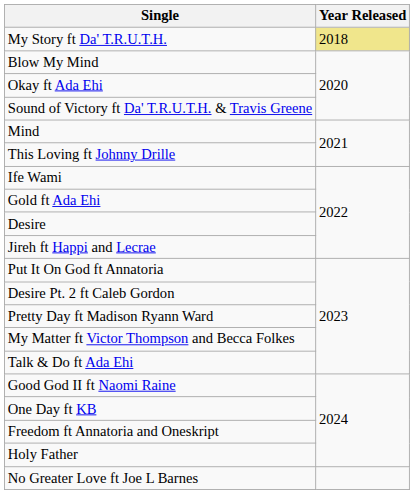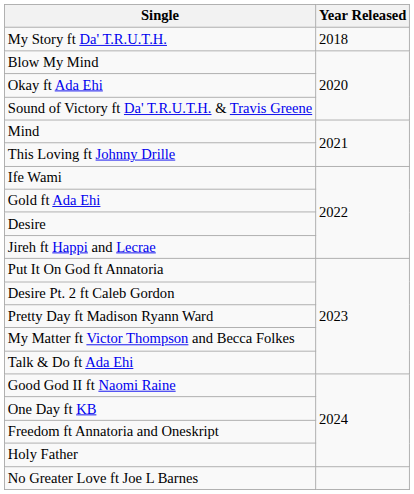 <table class="wikitable sortable">
 <tr>
 <th>Single</th>
 <th>Year Released</th>
 </tr>
 <tr>
 <td>My Story ft <a href='#'>Da' T.R.U.T.H.</a></td>
-<td style="background: khaki;">2018</td>
+<td>2018</td>
 </tr>
 <tr>
 <td>Blow My Mind</td>
 <td rowspan="3">2020</td>
 </tr>
 <tr>
 <td>Okay ft <a href='#'>Ada Ehi</a></td>
 </tr>
 <tr>
 <td>Sound of Victory ft <a href='#'>Da' T.R.U.T.H.</a> & <a href='#'>Travis Greene</a></td>
 </tr>
 <tr>
 <td>Mind</td>
 <td rowspan="2">2021</td>
 </tr>
 <tr>
 <td>This Loving ft <a href='#'>Johnny Drille</a></td>
 </tr>
 <tr>
 <td>Ife Wami</td>
 <td rowspan="4">2022</td>
 </tr>
 <tr>
 <td>Gold ft <a href='#'>Ada Ehi</a></td>
 </tr>
 <tr>
 <td>Desire</td>
 </tr>
 <tr>
 <td>Jireh ft <a href='#'>Happi</a> and <a href='#'>Lecrae</a></td>
 </tr>
 <tr>
 <td>Put It On God ft Annatoria</td>
 <td rowspan="5">2023</td>
 </tr>
 <tr>
 <td>Desire Pt. 2 ft Caleb Gordon</td>
 </tr>
 <tr>
 <td>Pretty Day ft Madison Ryann Ward</td>
 </tr>
 <tr>
 <td>My Matter ft <a href='#'>Victor Thompson</a> and Becca Folkes</td>
 </tr>
 <tr>
 <td>Talk & Do ft <a href='#'>Ada Ehi</a></td>
 </tr>
 <tr>
 <td>Good God II ft <a href='#'>Naomi Raine</a></td>
 <td rowspan="4">2024</td>
 </tr>
 <tr>
 <td>One Day ft <a href='#'>KB</a></td>
 </tr>
 <tr>
 <td>Freedom ft Annatoria and Oneskript</td>
 </tr>
 <tr>
 <td>Holy Father</td>
 </tr>
 <tr>
 <td>No Greater Love ft Joe L Barnes</td>
 </tr>
 </table>
